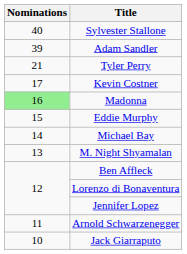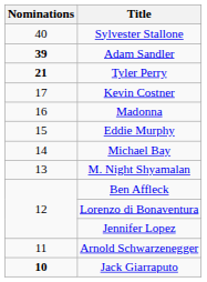 <table class="wikitable" style="text-align: center;">
 <tr>
 <th scope="col" width="55">Nominations</th>
 <th scope="col" align="center">Title</th>
 </tr>
 <tr>
 <td rowspan=1 style="text-align:center">40</td>
 <td><a href='#'>Sylvester Stallone</a></td>
 </tr>
 <tr>
-<td rowspan=1 style="text-align:center">39</td>
+<td rowspan=1 style="text-align:center"><strong>39</strong></td>
 <td><a href='#'>Adam Sandler</a></td>
 </tr>
 <tr>
-<td rowspan=1 style="text-align:center">21</td>
+<td rowspan=1 style="text-align:center"><strong>21</strong></td>
 <td><a href='#'>Tyler Perry</a></td>
 </tr>
 <tr>
 <td rowspan=1 style="text-align:center">17</td>
 <td><a href='#'>Kevin Costner</a></td>
 </tr>
 <tr>
-<td rowspan=1 style="background: lightgreen; text-align:center">16</td>
+<td rowspan=1 style="text-align:center">16</td>
 <td><a href='#'>Madonna</a></td>
 </tr>
 <tr>
 <td rowspan=1 style="text-align:center">15</td>
 <td><a href='#'>Eddie Murphy</a></td>
 </tr>
 <tr>
 <td rowspan=1 style="text-align:center">14</td>
 <td><a href='#'>Michael Bay</a></td>
 </tr>
 <tr>
 <td rowspan=1 style="text-align:center">13</td>
 <td><a href='#'>M. Night Shyamalan</a></td>
 </tr>
 <tr>
 <td rowspan=3 style="text-align:center">12</td>
 <td><a href='#'>Ben Affleck</a></td>
 </tr>
 <tr>
 <td><a href='#'>Lorenzo di Bonaventura</a></td>
 </tr>
 <tr>
 <td><a href='#'>Jennifer Lopez</a></td>
 </tr>
 <tr>
 <td rowspan=1 style="text-align:center">11</td>
 <td><a href='#'>Arnold Schwarzenegger</a></td>
 </tr>
 <tr>
-<td rowspan=1 style="text-align:center">10</td>
+<td rowspan=1 style="text-align:center"><strong>10</strong></td>
 <td><a href='#'>Jack Giarraputo</a></td>
 </tr>
 </table>
